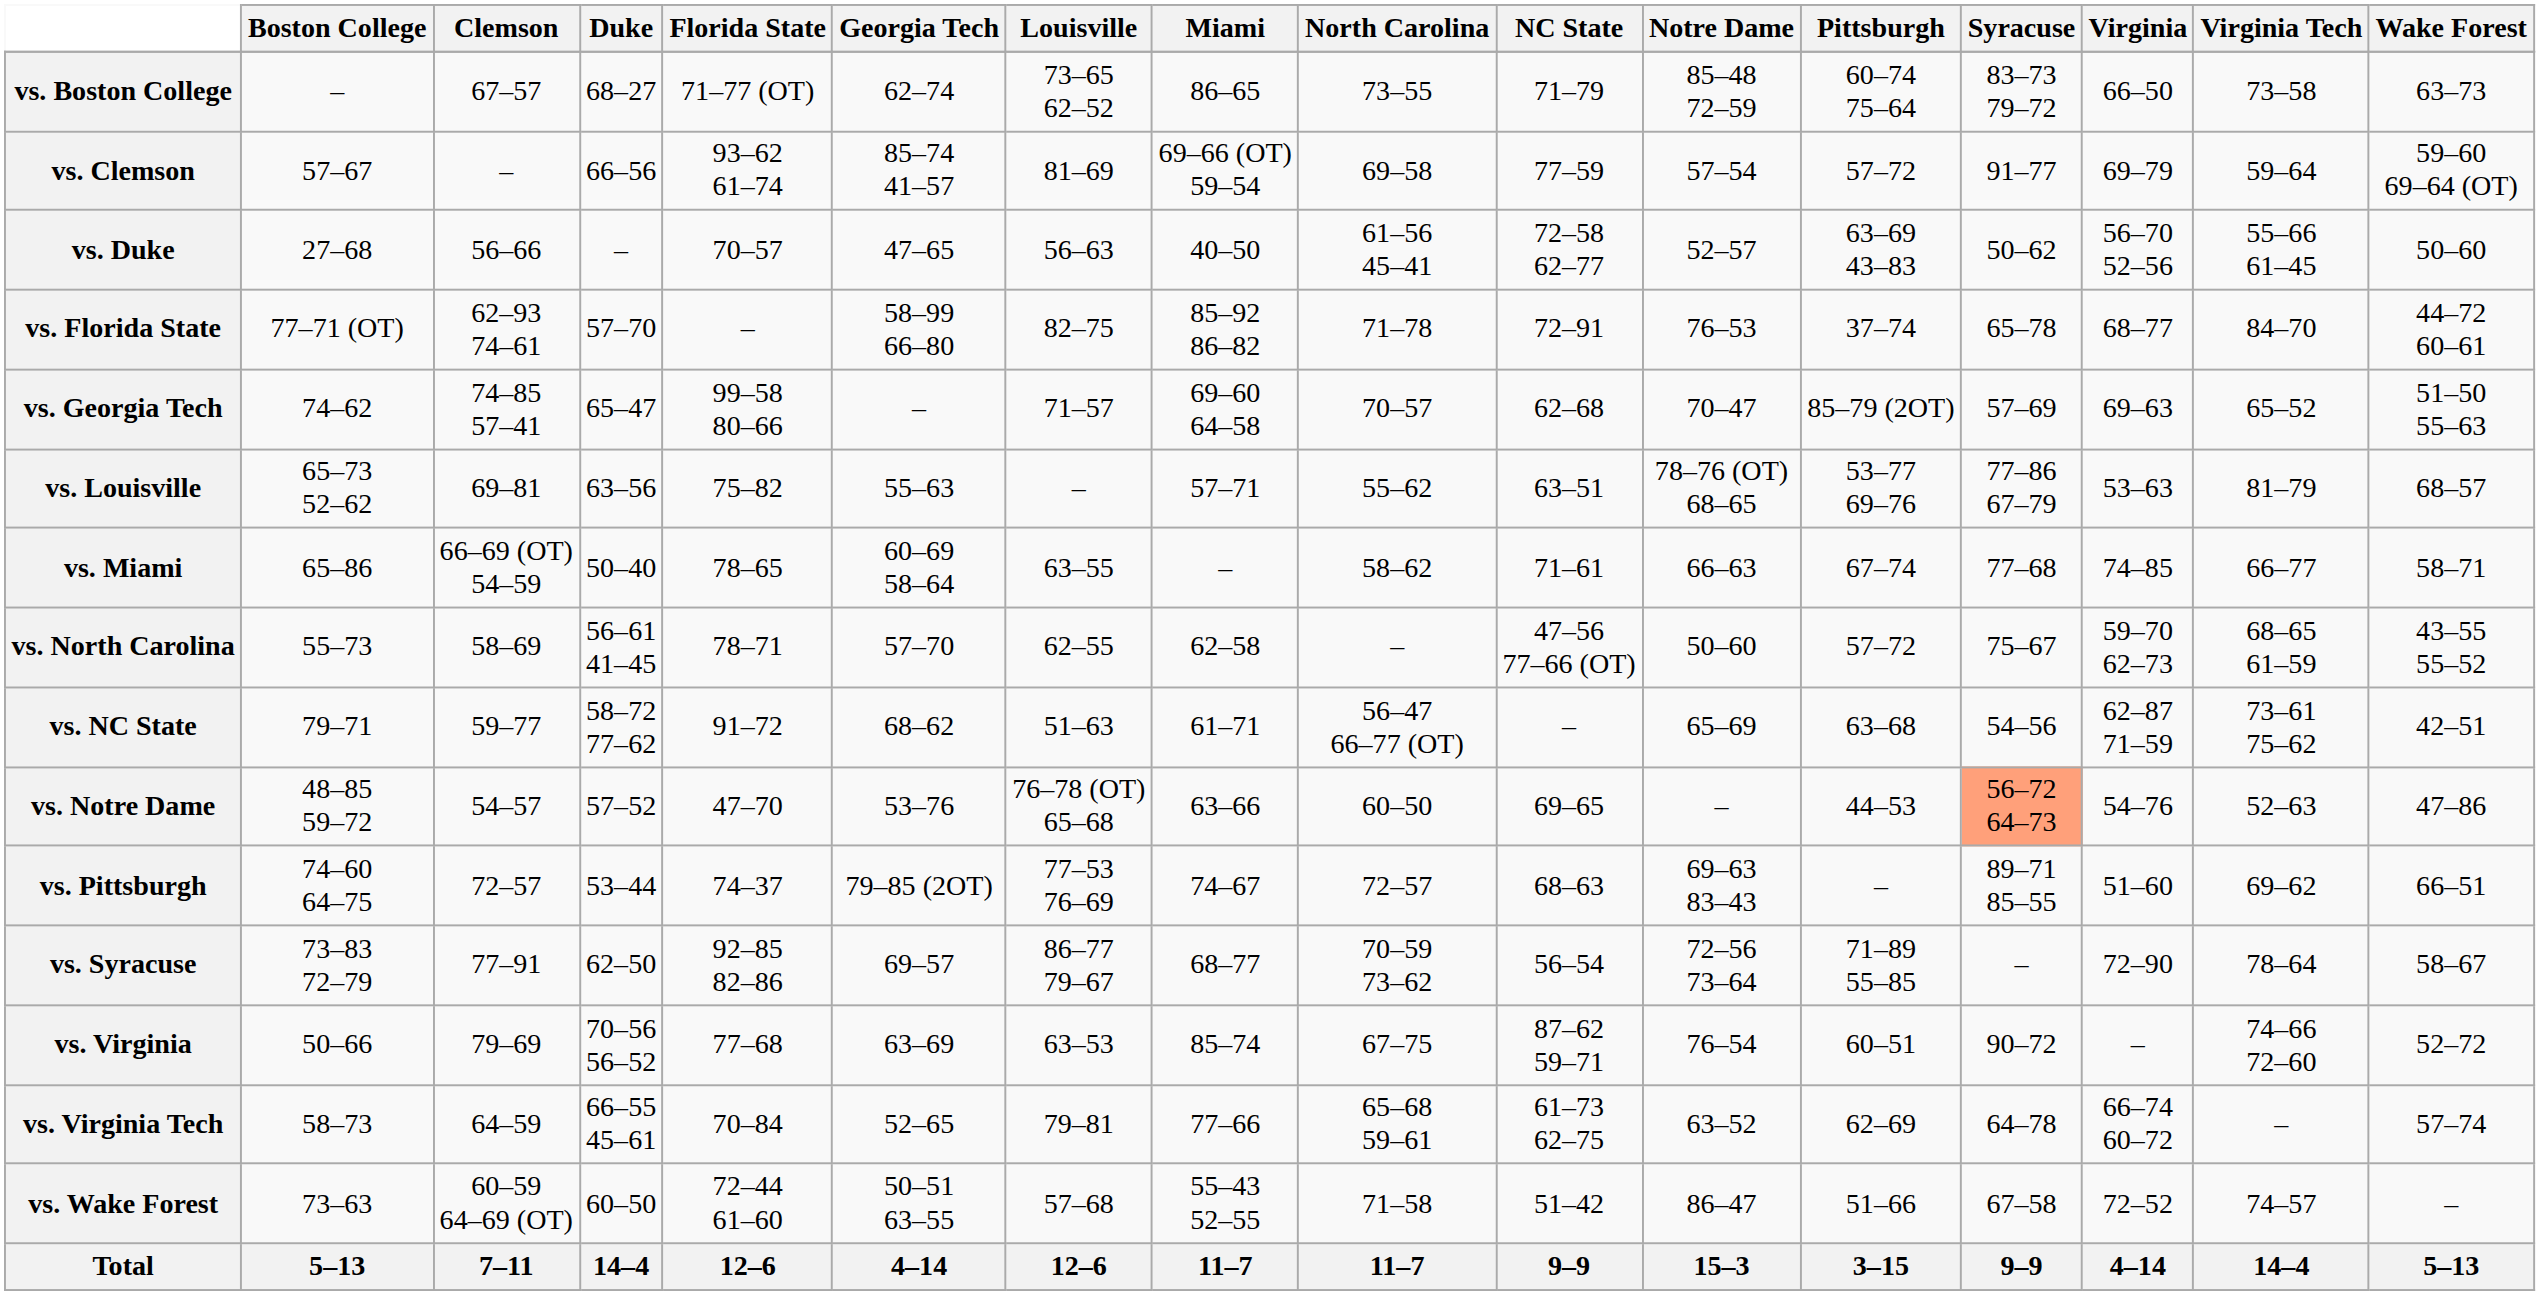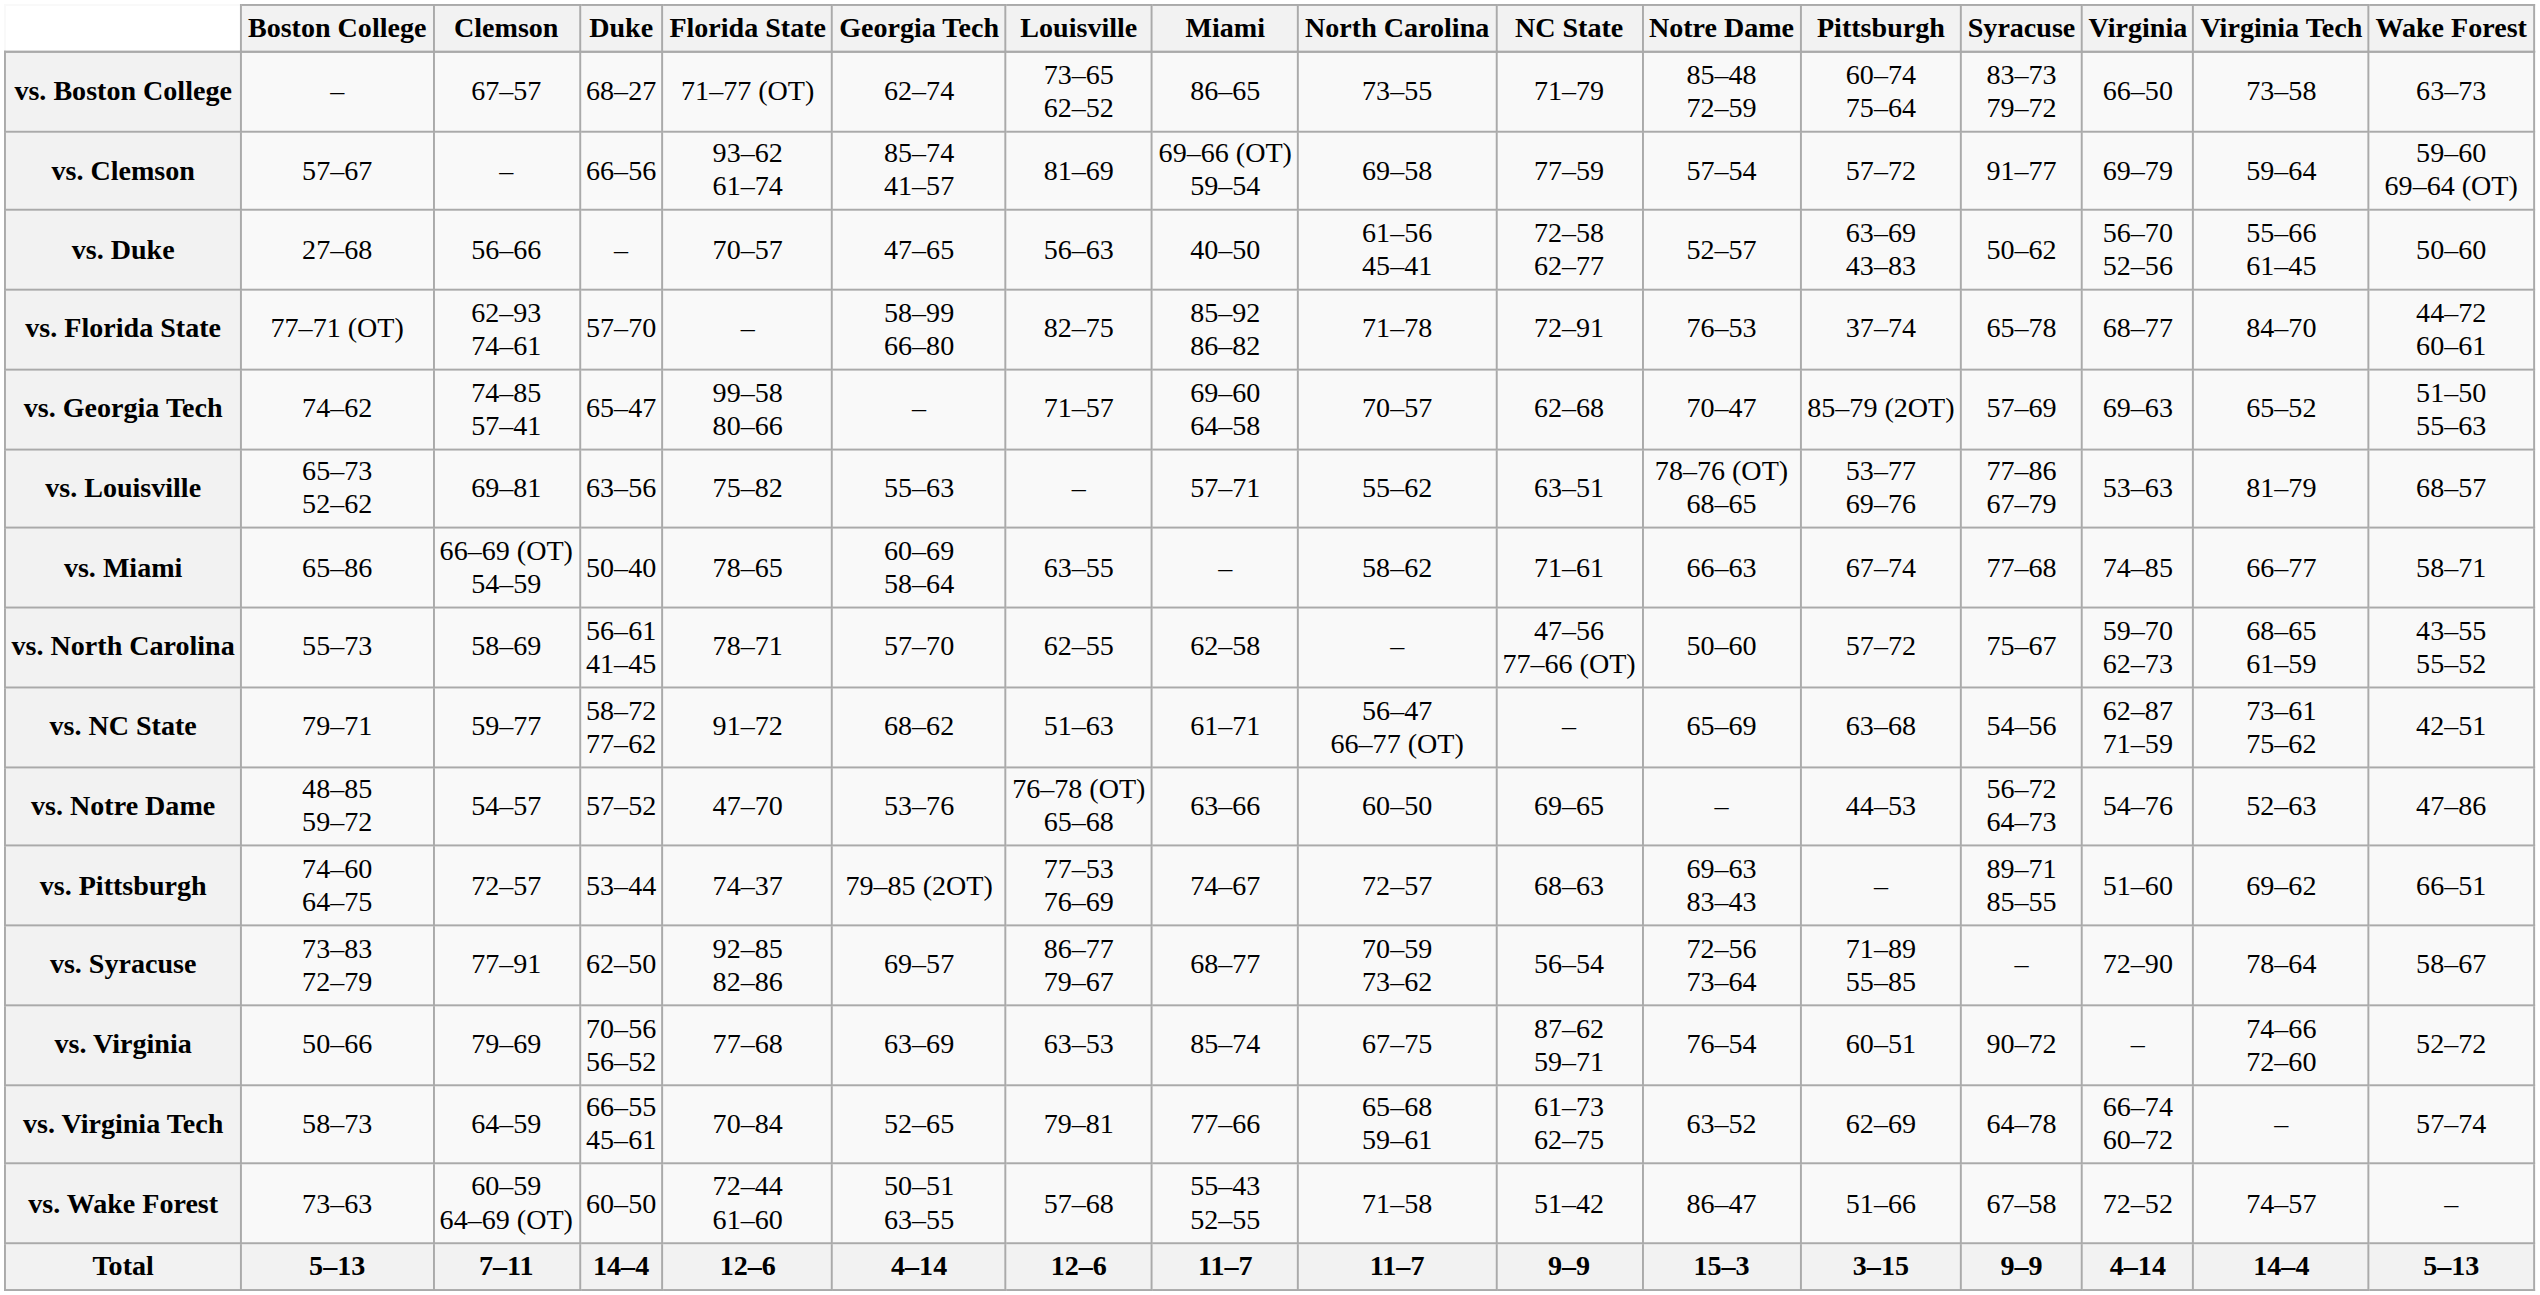 <table class="wikitable" style="white-space:nowrap;font-size:90%;">
 <tr>
 <th colspan=1 style="background:white; border-top-style:hidden; border-left-style:hidden;"   width=75> </th>
 <th style=>Boston College</th>
 <th style=>Clemson</th>
 <th style=>Duke</th>
 <th style=>Florida State</th>
 <th style=>Georgia Tech</th>
 <th style=>Louisville</th>
 <th style=>Miami</th>
 <th style=>North Carolina</th>
 <th style=>NC State</th>
 <th style=>Notre Dame</th>
 <th style=>Pittsburgh</th>
 <th style=>Syracuse</th>
 <th style=>Virginia</th>
 <th style=>Virginia Tech</th>
 <th style=>Wake Forest</th>
 </tr>
 <tr style="text-align:center;">
 </tr>
 <tr style="text-align:center;">
 <th>vs. Boston College</th>
 <td>–</td>
 <td>67–57</td>
 <td>68–27</td>
 <td>71–77 (OT)</td>
 <td>62–74</td>
 <td>73–65<br>62–52</td>
 <td>86–65</td>
 <td>73–55</td>
 <td>71–79</td>
 <td>85–48<br>72–59</td>
 <td>60–74<br>75–64</td>
 <td>83–73<br>79–72</td>
 <td>66–50</td>
 <td>73–58</td>
 <td>63–73</td>
 </tr>
 <tr style="text-align:center;">
 <th>vs. Clemson</th>
 <td>57–67</td>
 <td>–</td>
 <td>66–56</td>
 <td>93–62<br>61–74</td>
 <td>85–74<br>41–57</td>
 <td>81–69</td>
 <td>69–66 (OT)<br>59–54</td>
 <td>69–58</td>
 <td>77–59</td>
 <td>57–54</td>
 <td>57–72</td>
 <td>91–77</td>
 <td>69–79</td>
 <td>59–64</td>
 <td>59–60<br>69–64 (OT)</td>
 </tr>
 <tr style="text-align:center;">
 <th>vs. Duke</th>
 <td>27–68</td>
 <td>56–66</td>
 <td>–</td>
 <td>70–57</td>
 <td>47–65</td>
 <td>56–63</td>
 <td>40–50</td>
 <td>61–56<br>45–41</td>
 <td>72–58<br>62–77</td>
 <td>52–57</td>
 <td>63–69<br>43–83</td>
 <td>50–62</td>
 <td>56–70<br>52–56</td>
 <td>55–66<br>61–45</td>
 <td>50–60</td>
 </tr>
 <tr style="text-align:center;">
 <th>vs. Florida State</th>
 <td>77–71 (OT)</td>
 <td>62–93<br>74–61</td>
 <td>57–70</td>
 <td>–</td>
 <td>58–99<br>66–80</td>
 <td>82–75</td>
 <td>85–92<br>86–82</td>
 <td>71–78</td>
 <td>72–91</td>
 <td>76–53</td>
 <td>37–74</td>
 <td>65–78</td>
 <td>68–77</td>
 <td>84–70</td>
 <td>44–72<br>60–61</td>
 </tr>
 <tr style="text-align:center;">
 <th>vs. Georgia Tech</th>
 <td>74–62</td>
 <td>74–85<br>57–41</td>
 <td>65–47</td>
 <td>99–58<br>80–66</td>
 <td>–</td>
 <td>71–57</td>
 <td>69–60<br>64–58</td>
 <td>70–57</td>
 <td>62–68</td>
 <td>70–47</td>
 <td>85–79 (2OT)</td>
 <td>57–69</td>
 <td>69–63</td>
 <td>65–52</td>
 <td>51–50<br>55–63</td>
 </tr>
 <tr style="text-align:center;">
 <th>vs. Louisville</th>
 <td>65–73<br>52–62</td>
 <td>69–81</td>
 <td>63–56</td>
 <td>75–82</td>
 <td>55–63</td>
 <td>–</td>
 <td>57–71</td>
 <td>55–62</td>
 <td>63–51</td>
 <td>78–76 (OT)<br>68–65</td>
 <td>53–77<br>69–76</td>
 <td>77–86<br>67–79</td>
 <td>53–63</td>
 <td>81–79</td>
 <td>68–57</td>
 </tr>
 <tr style="text-align:center;">
 <th>vs. Miami</th>
 <td>65–86</td>
 <td>66–69 (OT)<br>54–59</td>
 <td>50–40</td>
 <td>78–65</td>
 <td>60–69<br>58–64</td>
 <td>63–55</td>
 <td>–</td>
 <td>58–62</td>
 <td>71–61</td>
 <td>66–63</td>
 <td>67–74</td>
 <td>77–68</td>
 <td>74–85</td>
 <td>66–77</td>
 <td>58–71</td>
 </tr>
 <tr style="text-align:center;">
 <th>vs. North Carolina</th>
 <td>55–73</td>
 <td>58–69</td>
 <td>56–61<br>41–45</td>
 <td>78–71</td>
 <td>57–70</td>
 <td>62–55</td>
 <td>62–58</td>
 <td>–</td>
 <td>47–56<br>77–66 (OT)</td>
 <td>50–60</td>
 <td>57–72</td>
 <td>75–67</td>
 <td>59–70<br>62–73</td>
 <td>68–65<br>61–59</td>
 <td>43–55<br>55–52</td>
 </tr>
 <tr style="text-align:center;">
 <th>vs. NC State</th>
 <td>79–71</td>
 <td>59–77</td>
 <td>58–72<br>77–62</td>
 <td>91–72</td>
 <td>68–62</td>
 <td>51–63</td>
 <td>61–71</td>
 <td>56–47<br>66–77 (OT)</td>
 <td>–</td>
 <td>65–69</td>
 <td>63–68</td>
 <td>54–56</td>
 <td>62–87<br>71–59</td>
 <td>73–61<br>75–62</td>
 <td>42–51</td>
 </tr>
 <tr style="text-align:center;">
 <th>vs. Notre Dame</th>
 <td>48–85<br>59–72</td>
 <td>54–57</td>
 <td>57–52</td>
 <td>47–70</td>
 <td>53–76</td>
 <td>76–78 (OT)<br>65–68</td>
 <td>63–66</td>
 <td>60–50</td>
 <td>69–65</td>
 <td>–</td>
 <td>44–53</td>
-<td style="background: lightsalmon;">56–72<br>64–73</td>
+<td>56–72<br>64–73</td>
 <td>54–76</td>
 <td>52–63</td>
 <td>47–86</td>
 </tr>
 <tr style="text-align:center;">
 <th>vs. Pittsburgh</th>
 <td>74–60<br>64–75</td>
 <td>72–57</td>
 <td>53–44</td>
 <td>74–37</td>
 <td>79–85 (2OT)</td>
 <td>77–53<br>76–69</td>
 <td>74–67</td>
 <td>72–57</td>
 <td>68–63</td>
 <td>69–63<br>83–43</td>
 <td>–</td>
 <td>89–71<br>85–55</td>
 <td>51–60</td>
 <td>69–62</td>
 <td>66–51</td>
 </tr>
 <tr style="text-align:center;">
 <th>vs. Syracuse</th>
 <td>73–83<br>72–79</td>
 <td>77–91</td>
 <td>62–50</td>
 <td>92–85<br>82–86</td>
 <td>69–57</td>
 <td>86–77<br>79–67</td>
 <td>68–77</td>
 <td>70–59<br>73–62</td>
 <td>56–54</td>
 <td>72–56<br>73–64</td>
 <td>71–89<br>55–85</td>
 <td>–</td>
 <td>72–90</td>
 <td>78–64</td>
 <td>58–67</td>
 </tr>
 <tr style="text-align:center;">
 <th>vs. Virginia</th>
 <td>50–66</td>
 <td>79–69</td>
 <td>70–56<br>56–52</td>
 <td>77–68</td>
 <td>63–69</td>
 <td>63–53</td>
 <td>85–74</td>
 <td>67–75</td>
 <td>87–62<br>59–71</td>
 <td>76–54</td>
 <td>60–51</td>
 <td>90–72</td>
 <td>–</td>
 <td>74–66<br>72–60</td>
 <td>52–72</td>
 </tr>
 <tr style="text-align:center;">
 <th>vs. Virginia Tech</th>
 <td>58–73</td>
 <td>64–59</td>
 <td>66–55<br>45–61</td>
 <td>70–84</td>
 <td>52–65</td>
 <td>79–81</td>
 <td>77–66</td>
 <td>65–68<br>59–61</td>
 <td>61–73<br>62–75</td>
 <td>63–52</td>
 <td>62–69</td>
 <td>64–78</td>
 <td>66–74<br>60–72</td>
 <td>–</td>
 <td>57–74</td>
 </tr>
 <tr style="text-align:center;">
 <th>vs. Wake Forest</th>
 <td>73–63</td>
 <td>60–59<br>64–69 (OT)</td>
 <td>60–50</td>
 <td>72–44<br>61–60</td>
 <td>50–51<br>63–55</td>
 <td>57–68</td>
 <td>55–43<br>52–55</td>
 <td>71–58</td>
 <td>51–42</td>
 <td>86–47</td>
 <td>51–66</td>
 <td>67–58</td>
 <td>72–52</td>
 <td>74–57</td>
 <td>–<br></td>
 </tr>
 <tr style="text-align:center;">
 <th>Total</th>
 <th>5–13</th>
 <th>7–11</th>
 <th>14–4</th>
 <th>12–6</th>
 <th>4–14</th>
 <th>12–6</th>
 <th>11–7</th>
 <th>11–7</th>
 <th>9–9</th>
 <th>15–3</th>
 <th>3–15</th>
 <th>9–9</th>
 <th>4–14</th>
 <th>14–4</th>
 <th>5–13</th>
 </tr>
 </table>
